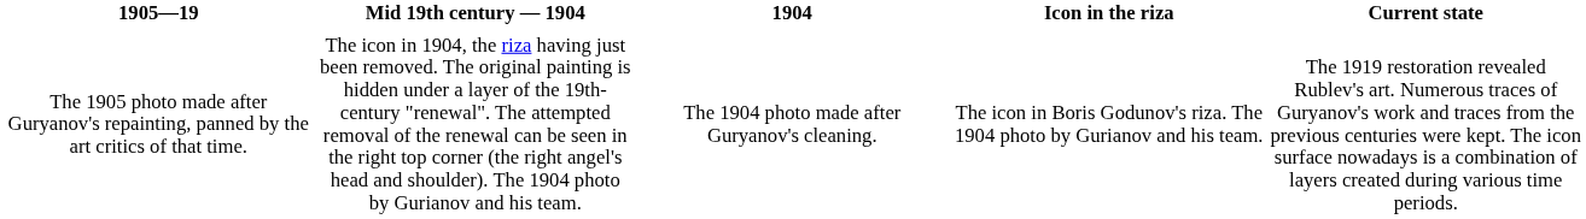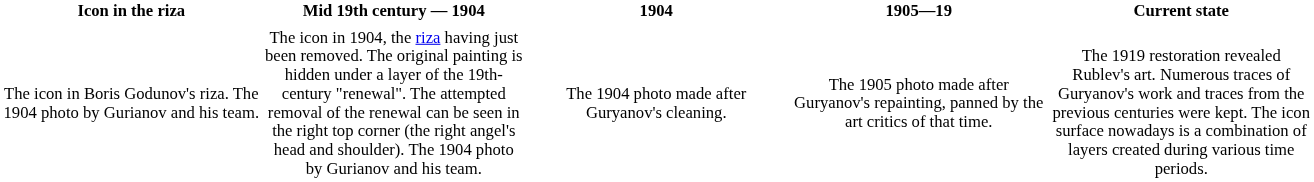 <table class="standard" style="margin:1em auto; text-align:center;">
 <tr>
-<th width="20%">1905—19</th>
+<th width="20%">Icon in the riza</th>
 <th width="20%">Mid 19th century — 1904</th>
 <th width="20%">1904</th>
-<th width="20%">Icon in the riza</th>
+<th width="20%">1905—19</th>
 <th width="20%">Current state</th>
 </tr>
 <tr ---->
 <td></td>
 <td></td>
 <td></td>
 <td></td>
 <td></td>
 </tr>
 <tr ---->
-<td>The 1905 photo made after Guryanov's repainting, panned by the art critics of that time.</td>
+<td>The icon in Boris Godunov's riza. The 1904 photo by Gurianov and his team.</td>
 <td>The icon in 1904, the <a href='#'>riza</a> having just been removed. The original painting is hidden under a layer of the 19th-century "renewal". The attempted removal of the renewal can be seen in the right top corner (the right angel's head and shoulder). The 1904 photo by Gurianov and his team.</td>
 <td>The 1904 photo made after Guryanov's cleaning.</td>
-<td>The icon in Boris Godunov's riza. The 1904 photo by Gurianov and his team.</td>
+<td>The 1905 photo made after Guryanov's repainting, panned by the art critics of that time.</td>
 <td><br>The 1919 restoration revealed Rublev's art. Numerous traces of Guryanov's work and traces from the previous centuries were kept. The icon surface nowadays is a combination of layers created during various time periods.</td>
 </tr>
 </table>
